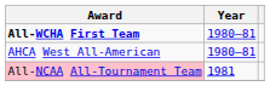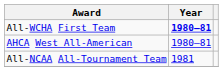 <table class="wikitable">
 <tr>
 <th>Award</th>
 <th>Year</th>
 <th></th>
 </tr>
 <tr>
-<td><strong>All-<a href='#'>WCHA</a> <a href='#'>First Team</a></strong></td>
-<td><a href='#'>1980–81</a></td>
+<td>All-<a href='#'>WCHA</a> <a href='#'>First Team</a></td>
+<td><strong><a href='#'>1980–81</a></strong></td>
 <td></td>
 </tr>
 <tr>
 <td><a href='#'>AHCA</a> <a href='#'>West All-American</a></td>
 <td><a href='#'>1980–81</a></td>
 <td></td>
 </tr>
 <tr>
-<td style="background: pink;">All-<a href='#'>NCAA</a> <a href='#'>All-Tournament Team</a></td>
+<td>All-<a href='#'>NCAA</a> <a href='#'>All-Tournament Team</a></td>
 <td><a href='#'>1981</a></td>
 <td></td>
 </tr>
 <tr>
 </tr>
 </table>
